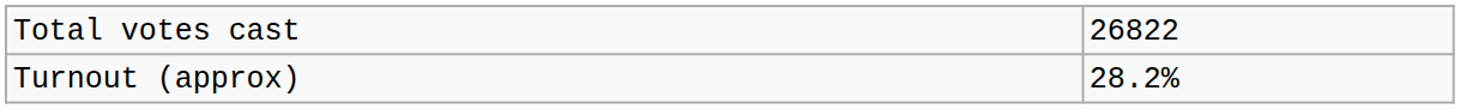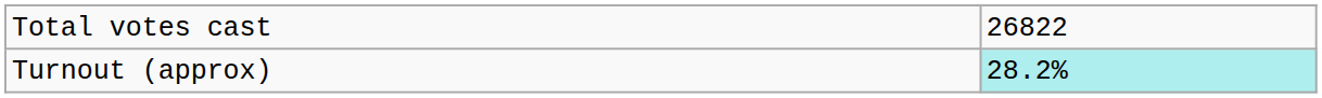 <table class="wikitable" style="width:630px">
 <tr>
 <td>Total votes cast</td>
 <td>26822</td>
 </tr>
 <tr>
 <td>Turnout (approx)</td>
-<td>28.2%</td>
+<td style="background: paleturquoise;">28.2%</td>
 </tr>
 </table>
